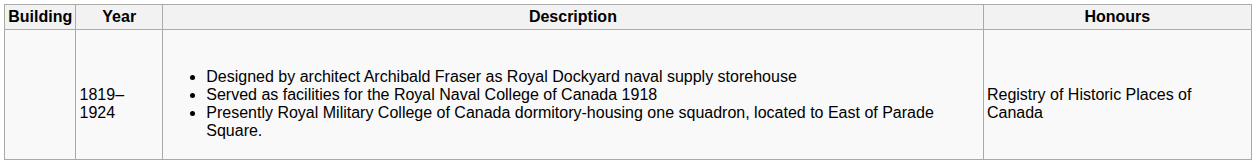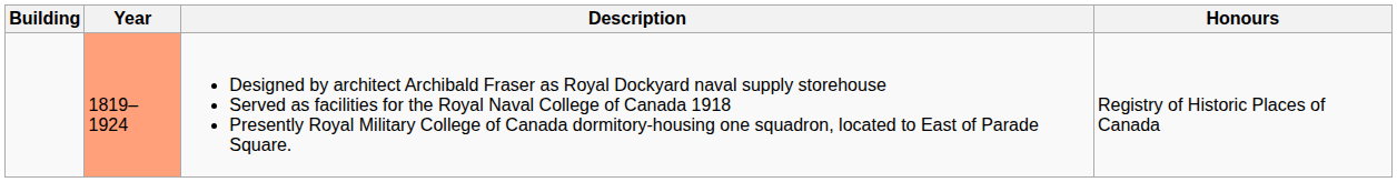 <table class="wikitable">
 <tr>
 <th>Building</th>
 <th>Year</th>
 <th>Description</th>
 <th>Honours</th>
 </tr>
 <tr>
 <td></td>
-<td><br>1819–1924</td>
+<td style="background: lightsalmon;"><br>1819–1924</td>
 <td><br><ul><li>Designed by architect Archibald Fraser as Royal Dockyard naval supply storehouse</li><li>Served as facilities for the Royal Naval College of Canada 1918</li><li>Presently Royal Military College of Canada dormitory-housing one squadron, located to East of Parade Square.</li></ul></td>
 <td><br>Registry of Historic Places of Canada</td>
 </tr>
 <tr>
 </tr>
 </table>
